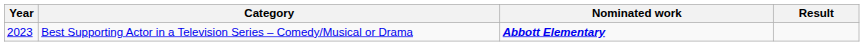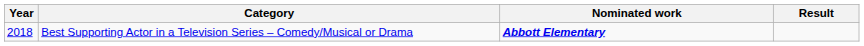 <table class="wikitable sortable" width = 75%>
 <tr>
 <th width=4%>Year</th>
 <th width=54%>Category</th>
 <th width=32%>Nominated work</th>
 <th width=10%>Result</th>
 </tr>
 <tr>
-<td><a href='#'>2023</a></td>
+<td><a href='#'>2018</a></td>
 <td><a href='#'>Best Supporting Actor in a Television Series – Comedy/Musical or Drama</a></td>
 <td><strong><em><a href='#'>Abbott Elementary</a></em></strong></td>
 <td></td>
 </tr>
 </table>
